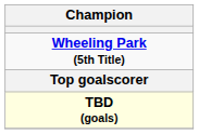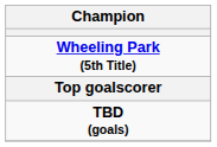 <table class="wikitable" style="margin: 0 auto; width: 220px;">
 <tr>
 <th>Champion</th>
 </tr>
 <tr>
 <th></th>
 </tr>
 <tr>
 <td align="center"><strong> <a href='#'>Wheeling Park</a> </strong><br><small><strong>(5th Title)</strong></small></td>
 </tr>
 <tr>
 <th>Top goalscorer</th>
 </tr>
 <tr>
-<td align="center" style="background: lightyellow;"><strong> TBD </strong><br><small><strong>(goals)</strong></small></td>
+<td align="center"><strong> TBD </strong><br><small><strong>(goals)</strong></small></td>
 </tr>
 <tr>
 </tr>
 </table>
